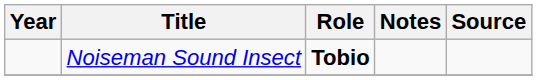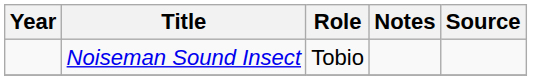 <table class="wikitable sortable plainrowheaders">
 <tr>
 <th>Year</th>
 <th>Title</th>
 <th>Role</th>
 <th class="unsortable">Notes</th>
 <th class="unsortable">Source</th>
 </tr>
 <tr>
 <td></td>
 <td><em><a href='#'>Noiseman Sound Insect</a></em></td>
-<td><strong>Tobio</strong></td>
+<td>Tobio</td>
 <td></td>
 <td></td>
 </tr>
 <tr>
 </tr>
 </table>
